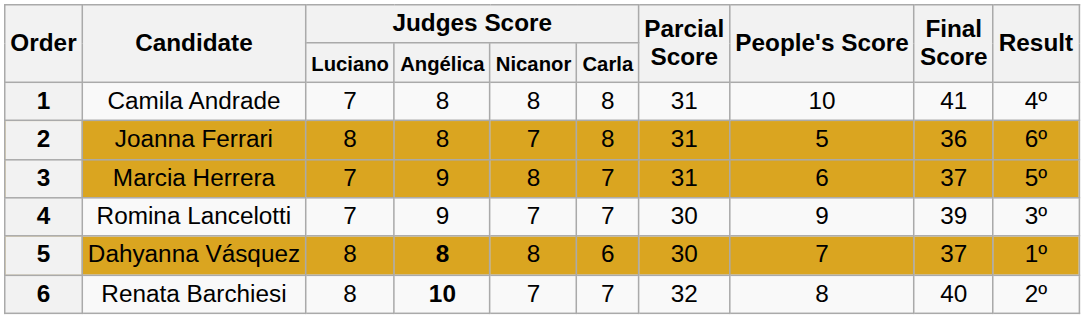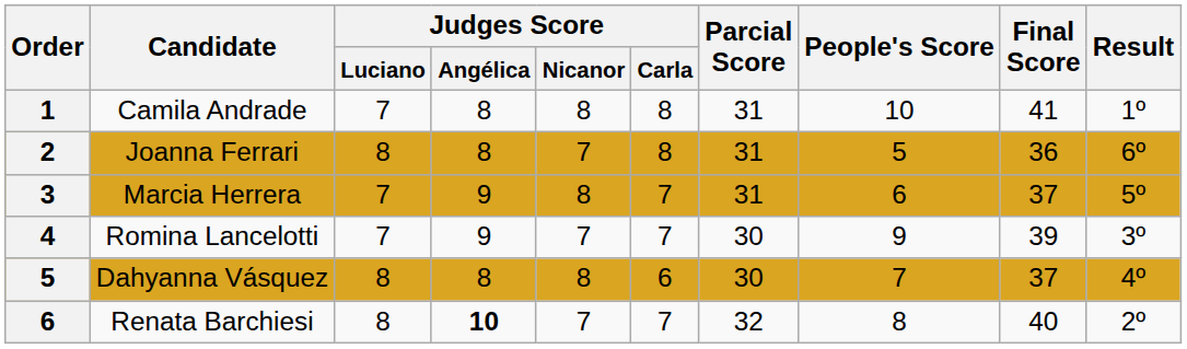 <table class="wikitable" style="margin= auto; text-align: center;">
 <tr>
 <th scope=row rowspan=2>Order</th>
 <th rowspan=2>Candidate</th>
 <th colspan=4>Judges Score</th>
 <th rowspan=2>Parcial<br>Score</th>
 <th rowspan=2>People's Score</th>
 <th rowspan=2>Final<br>Score</th>
 <th rowspan=2>Result</th>
 </tr>
 <tr>
 <th><small>Luciano</small></th>
 <th><small>Angélica</small></th>
 <th><small>Nicanor</small></th>
 <th><small>Carla</small></th>
 </tr>
 <tr>
 <th>1</th>
 <td>Camila Andrade</td>
 <td>7</td>
 <td>8</td>
 <td>8</td>
 <td>8</td>
 <td>31</td>
 <td>10</td>
 <td>41</td>
-<td>4º</td>
+<td>1º</td>
 </tr>
 <tr bgcolor="Goldenrod">
 <th>2</th>
 <td>Joanna Ferrari</td>
 <td>8</td>
 <td>8</td>
 <td>7</td>
 <td>8</td>
 <td>31</td>
 <td>5</td>
 <td>36</td>
 <td>6º</td>
 </tr>
 <tr bgcolor="Goldenrod">
 <th>3</th>
 <td>Marcia Herrera</td>
 <td>7</td>
 <td>9</td>
 <td>8</td>
 <td>7</td>
 <td>31</td>
 <td>6</td>
 <td>37</td>
 <td>5º</td>
 </tr>
 <tr>
 <th>4</th>
 <td>Romina Lancelotti</td>
 <td>7</td>
 <td>9</td>
 <td>7</td>
 <td>7</td>
 <td>30</td>
 <td>9</td>
 <td>39</td>
 <td>3º</td>
 </tr>
 <tr bgcolor="Goldenrod">
 <th>5</th>
 <td>Dahyanna Vásquez</td>
 <td>8</td>
-<td><strong>8</strong></td>
+<td>8</td>
 <td>8</td>
 <td>6</td>
 <td>30</td>
 <td>7</td>
 <td>37</td>
-<td>1º</td>
+<td>4º</td>
 </tr>
 <tr>
 <th>6</th>
 <td>Renata Barchiesi</td>
 <td>8</td>
 <td><strong>10</strong></td>
 <td>7</td>
 <td>7</td>
 <td>32</td>
 <td>8</td>
 <td>40</td>
 <td>2º</td>
 </tr>
 </table>
